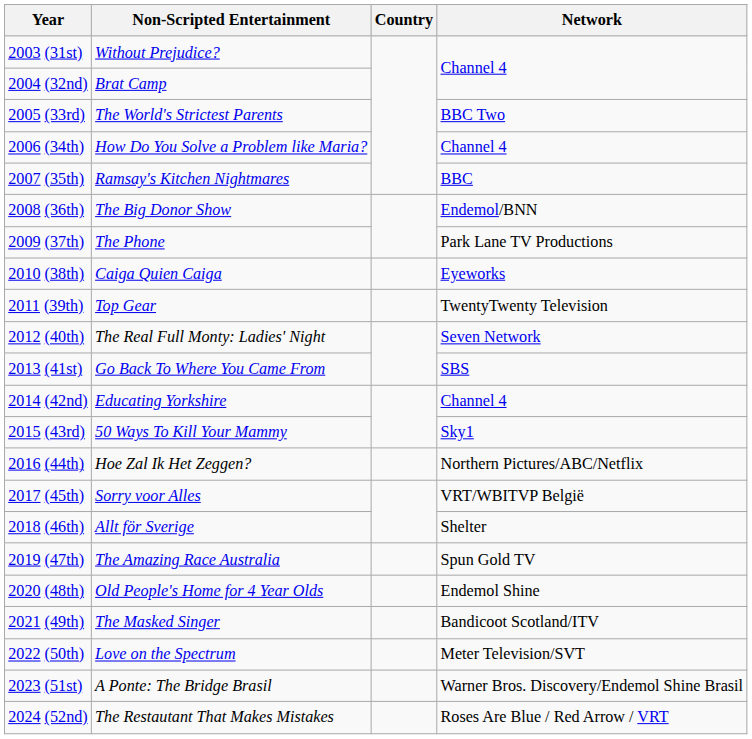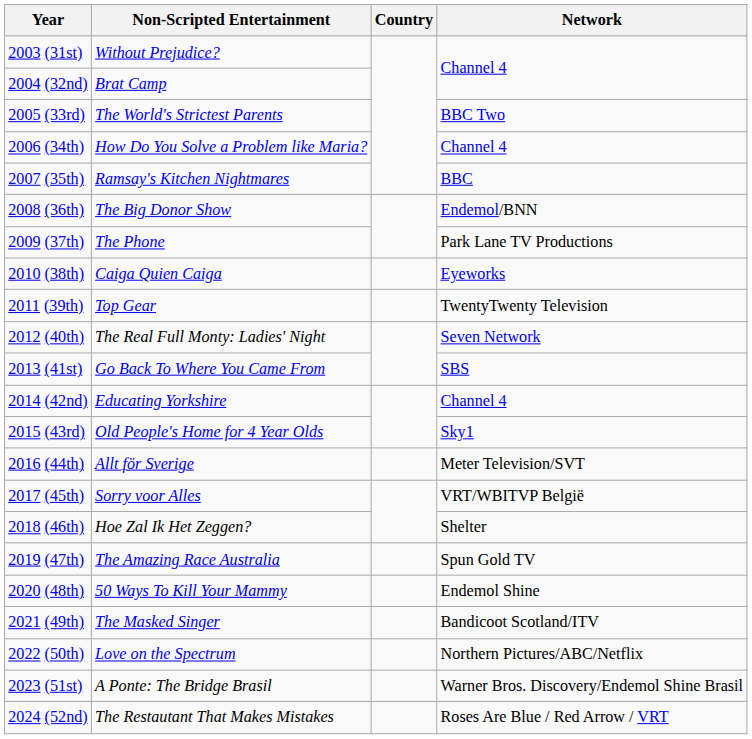 <table class="wikitable" style="font-size:1.00em; line-height:1.5em;">
 <tr style="background:#b0c4de; text-align:center;">
 <th>Year</th>
 <th>Non-Scripted Entertainment</th>
 <th>Country</th>
 <th>Network</th>
 </tr>
 <tr>
 <td><a href='#'>2003</a> <a href='#'>(31st)</a></td>
 <td><em><a href='#'>Without Prejudice?</a></em></td>
 <td rowspan=5></td>
 <td rowspan=2><a href='#'>Channel 4</a></td>
 </tr>
 <tr>
 <td><a href='#'>2004</a> <a href='#'>(32nd)</a></td>
 <td><em><a href='#'>Brat Camp</a></em></td>
 </tr>
 <tr>
 <td><a href='#'>2005</a> <a href='#'>(33rd)</a></td>
 <td><em><a href='#'>The World's Strictest Parents</a></em></td>
 <td><a href='#'>BBC Two</a></td>
 </tr>
 <tr>
 <td><a href='#'>2006</a> <a href='#'>(34th)</a></td>
 <td><em><a href='#'>How Do You Solve a Problem like Maria?</a></em></td>
 <td><a href='#'>Channel 4</a></td>
 </tr>
 <tr>
 <td><a href='#'>2007</a> <a href='#'>(35th)</a></td>
 <td><em><a href='#'>Ramsay's Kitchen Nightmares</a></em></td>
 <td><a href='#'>BBC</a></td>
 </tr>
 <tr>
 <td><a href='#'>2008</a> <a href='#'>(36th)</a></td>
 <td><em><a href='#'>The Big Donor Show</a></em></td>
 <td rowspan=2></td>
 <td><a href='#'>Endemol</a>/BNN</td>
 </tr>
 <tr>
 <td><a href='#'>2009</a> <a href='#'>(37th)</a></td>
 <td><em><a href='#'>The Phone</a></em></td>
 <td>Park Lane TV Productions</td>
 </tr>
 <tr>
 <td><a href='#'>2010</a> <a href='#'>(38th)</a></td>
 <td><em><a href='#'>Caiga Quien Caiga</a></em></td>
 <td></td>
 <td><a href='#'>Eyeworks</a></td>
 </tr>
 <tr>
 <td><a href='#'>2011</a> <a href='#'>(39th)</a></td>
 <td><em><a href='#'>Top Gear</a></em></td>
 <td></td>
 <td>TwentyTwenty Television</td>
 </tr>
 <tr>
 <td><a href='#'>2012</a> <a href='#'>(40th)</a></td>
 <td><em>The Real Full Monty: Ladies' Night</em></td>
 <td rowspan=2></td>
 <td><a href='#'>Seven Network</a></td>
 </tr>
 <tr>
 <td><a href='#'>2013</a> <a href='#'>(41st)</a></td>
 <td><em><a href='#'>Go Back To Where You Came From</a></em></td>
 <td><a href='#'>SBS</a></td>
 </tr>
 <tr>
 <td><a href='#'>2014</a> <a href='#'>(42nd)</a></td>
 <td><em><a href='#'>Educating Yorkshire</a></em></td>
 <td rowspan=2></td>
 <td><a href='#'>Channel 4</a></td>
 </tr>
 <tr>
 <td><a href='#'>2015</a> <a href='#'>(43rd)</a></td>
-<td><em><a href='#'>50 Ways To Kill Your Mammy</a></em></td>
+<td><em><a href='#'>Old People's Home for 4 Year Olds</a></em></td>
 <td><a href='#'>Sky1</a></td>
 </tr>
 <tr>
 <td><a href='#'>2016</a> <a href='#'>(44th)</a></td>
-<td><em>Hoe Zal Ik Het Zeggen?</em></td>
+<td><em><a href='#'>Allt för Sverige</a></em></td>
 <td></td>
-<td>Northern Pictures/ABC/Netflix</td>
+<td>Meter Television/SVT</td>
 </tr>
 <tr>
 <td><a href='#'>2017</a> <a href='#'>(45th)</a></td>
 <td><em><a href='#'>Sorry voor Alles</a></em></td>
 <td rowspan=2></td>
 <td>VRT/WBITVP België</td>
 </tr>
 <tr>
 <td><a href='#'>2018</a> <a href='#'>(46th)</a></td>
-<td><em><a href='#'>Allt för Sverige</a></em></td>
+<td><em>Hoe Zal Ik Het Zeggen?</em></td>
 <td>Shelter</td>
 </tr>
 <tr>
 <td><a href='#'>2019</a> <a href='#'>(47th)</a></td>
 <td><em><a href='#'>The Amazing Race Australia</a></em></td>
 <td></td>
 <td>Spun Gold TV</td>
 </tr>
 <tr>
 <td><a href='#'>2020</a> <a href='#'>(48th)</a></td>
-<td><em><a href='#'>Old People's Home for 4 Year Olds</a></em></td>
+<td><em><a href='#'>50 Ways To Kill Your Mammy</a></em></td>
 <td></td>
 <td>Endemol Shine</td>
 </tr>
 <tr>
 <td><a href='#'>2021</a> <a href='#'>(49th)</a></td>
 <td><em><a href='#'>The Masked Singer</a></em></td>
 <td></td>
 <td>Bandicoot Scotland/ITV</td>
 </tr>
 <tr>
 <td><a href='#'>2022</a> <a href='#'>(50th)</a></td>
 <td><em><a href='#'>Love on the Spectrum</a></em></td>
 <td></td>
-<td>Meter Television/SVT</td>
+<td>Northern Pictures/ABC/Netflix</td>
 </tr>
 <tr>
 <td><a href='#'>2023</a> <a href='#'>(51st)</a></td>
 <td><em>A Ponte: The Bridge Brasil</em></td>
 <td></td>
 <td>Warner Bros. Discovery/Endemol Shine Brasil</td>
 </tr>
 <tr>
 <td><a href='#'>2024</a> <a href='#'>(52nd)</a></td>
 <td><em>The Restautant That Makes Mistakes</em></td>
 <td></td>
 <td>Roses Are Blue / Red Arrow / <a href='#'>VRT</a></td>
 </tr>
 </table>
